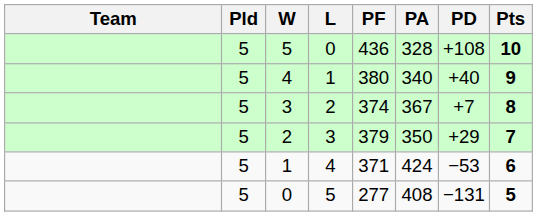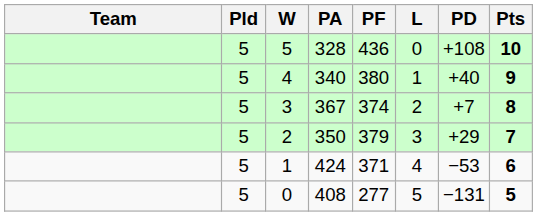 <table class=wikitable style="text-align:center">
 <tr>
 <th width=180>Team</th>
 <th width=30>Pld</th>
 <th width=30>W</th>
+<th width=30>PA</th>
+<th width=30>PF</th>
 <th width=30>L</th>
-<th width=30>PF</th>
-<th width=30>PA</th>
 <th width=30>PD</th>
 <th width=30>Pts</th>
 </tr>
 <tr align=center bgcolor="#ccffcc">
 <td align=left></td>
 <td>5</td>
 <td>5</td>
+<td>328</td>
+<td>436</td>
 <td>0</td>
-<td>436</td>
-<td>328</td>
 <td>+108</td>
 <td><strong>10</strong></td>
 </tr>
 <tr align=center bgcolor="#ccffcc">
 <td align=left></td>
 <td>5</td>
 <td>4</td>
+<td>340</td>
+<td>380</td>
 <td>1</td>
-<td>380</td>
-<td>340</td>
 <td>+40</td>
 <td><strong>9</strong></td>
 </tr>
 <tr align=center bgcolor="#ccffcc">
 <td align=left></td>
 <td>5</td>
 <td>3</td>
+<td>367</td>
+<td>374</td>
 <td>2</td>
-<td>374</td>
-<td>367</td>
 <td>+7</td>
 <td><strong>8</strong></td>
 </tr>
 <tr align=center bgcolor="#ccffcc">
 <td align=left></td>
 <td>5</td>
 <td>2</td>
+<td>350</td>
+<td>379</td>
 <td>3</td>
-<td>379</td>
-<td>350</td>
 <td>+29</td>
 <td><strong>7</strong></td>
 </tr>
 <tr align=center>
 <td align=left></td>
 <td>5</td>
 <td>1</td>
+<td>424</td>
+<td>371</td>
 <td>4</td>
-<td>371</td>
-<td>424</td>
 <td>−53</td>
 <td><strong>6</strong></td>
 </tr>
 <tr align=center>
 <td align=left></td>
 <td>5</td>
 <td>0</td>
+<td>408</td>
+<td>277</td>
 <td>5</td>
-<td>277</td>
-<td>408</td>
 <td>−131</td>
 <td><strong>5</strong></td>
 </tr>
 </table>
